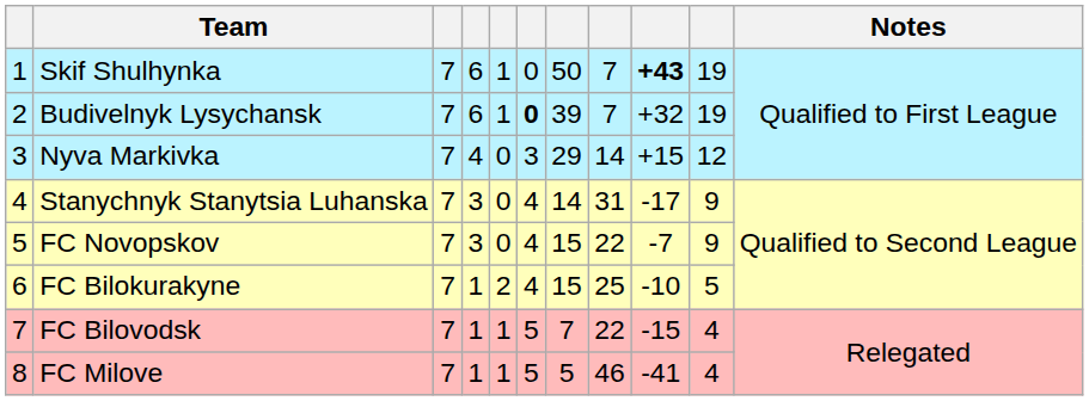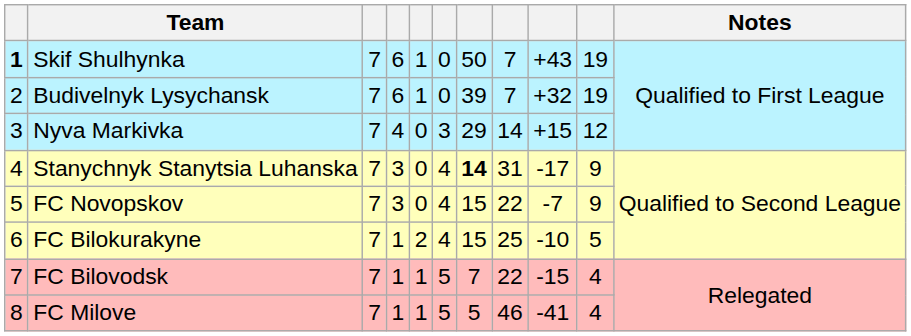 <table class="wikitable" style="text-align: center">
 <tr>
 <th></th>
 <th>Team</th>
 <th></th>
 <th></th>
 <th></th>
 <th></th>
 <th></th>
 <th></th>
 <th></th>
 <th></th>
 <th>Notes</th>
 </tr>
 <tr bgcolor=#BBF3FF>
-<td>1</td>
+<td><strong>1</strong></td>
 <td align=left>Skif Shulhynka</td>
 <td>7</td>
 <td>6</td>
 <td>1</td>
 <td>0</td>
 <td>50</td>
 <td>7</td>
-<td><strong>+43</strong></td>
+<td>+43</td>
 <td>19</td>
 <td rowspan=3>Qualified to First League</td>
 </tr>
 <tr bgcolor=#BBF3FF>
 <td>2</td>
 <td align=left>Budivelnyk Lysychansk</td>
 <td>7</td>
 <td>6</td>
 <td>1</td>
-<td><strong>0</strong></td>
+<td>0</td>
 <td>39</td>
 <td>7</td>
 <td>+32</td>
 <td>19</td>
 </tr>
 <tr bgcolor=#BBF3FF>
 <td>3</td>
 <td align=left>Nyva Markivka</td>
 <td>7</td>
 <td>4</td>
 <td>0</td>
 <td>3</td>
 <td>29</td>
 <td>14</td>
 <td>+15</td>
 <td>12</td>
 </tr>
 <tr bgcolor=#FFFFBB>
 <td>4</td>
 <td align=left>Stanychnyk Stanytsia Luhanska</td>
 <td>7</td>
 <td>3</td>
 <td>0</td>
 <td>4</td>
-<td>14</td>
+<td><strong>14</strong></td>
 <td>31</td>
 <td>-17</td>
 <td>9</td>
 <td rowspan=3>Qualified to Second League</td>
 </tr>
 <tr bgcolor=#FFFFBB>
 <td>5</td>
 <td align=left>FC Novopskov</td>
 <td>7</td>
 <td>3</td>
 <td>0</td>
 <td>4</td>
 <td>15</td>
 <td>22</td>
 <td>-7</td>
 <td>9</td>
 </tr>
 <tr bgcolor=#FFFFBB>
 <td>6</td>
 <td align=left>FC Bilokurakyne</td>
 <td>7</td>
 <td>1</td>
 <td>2</td>
 <td>4</td>
 <td>15</td>
 <td>25</td>
 <td>-10</td>
 <td>5</td>
 </tr>
 <tr bgcolor=#FFBBBB>
 <td>7</td>
 <td align=left>FC Bilovodsk</td>
 <td>7</td>
 <td>1</td>
 <td>1</td>
 <td>5</td>
 <td>7</td>
 <td>22</td>
 <td>-15</td>
 <td>4</td>
 <td rowspan=3>Relegated</td>
 </tr>
 <tr bgcolor=#FFBBBB>
 <td>8</td>
 <td align=left>FC Milove</td>
 <td>7</td>
 <td>1</td>
 <td>1</td>
 <td>5</td>
 <td>5</td>
 <td>46</td>
 <td>-41</td>
 <td>4</td>
 </tr>
 </table>
